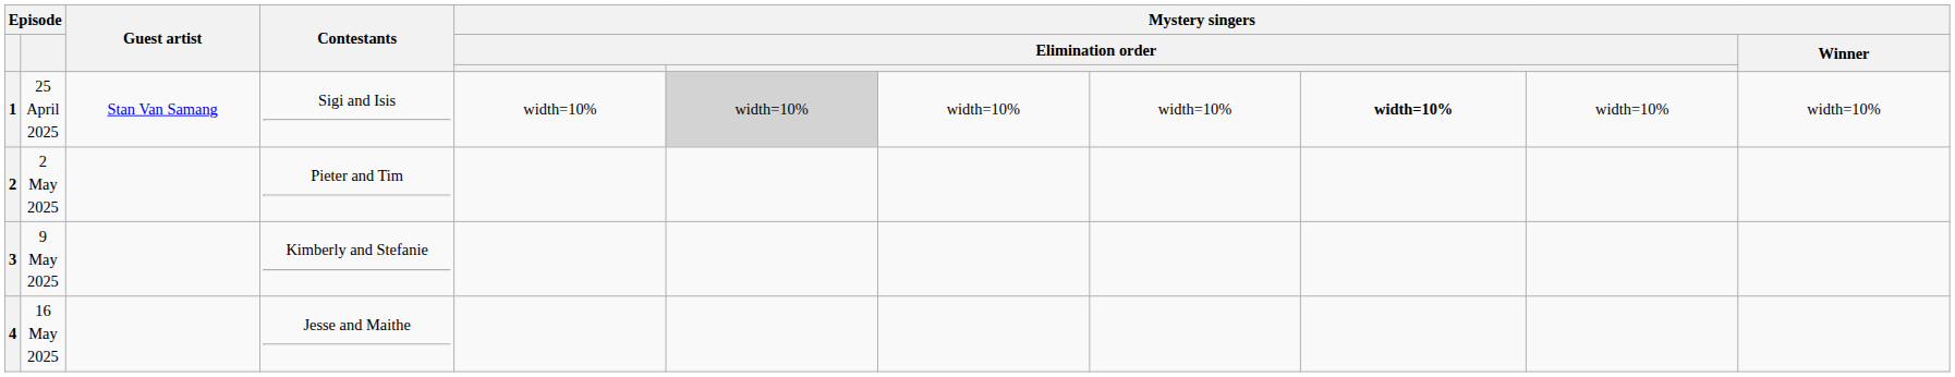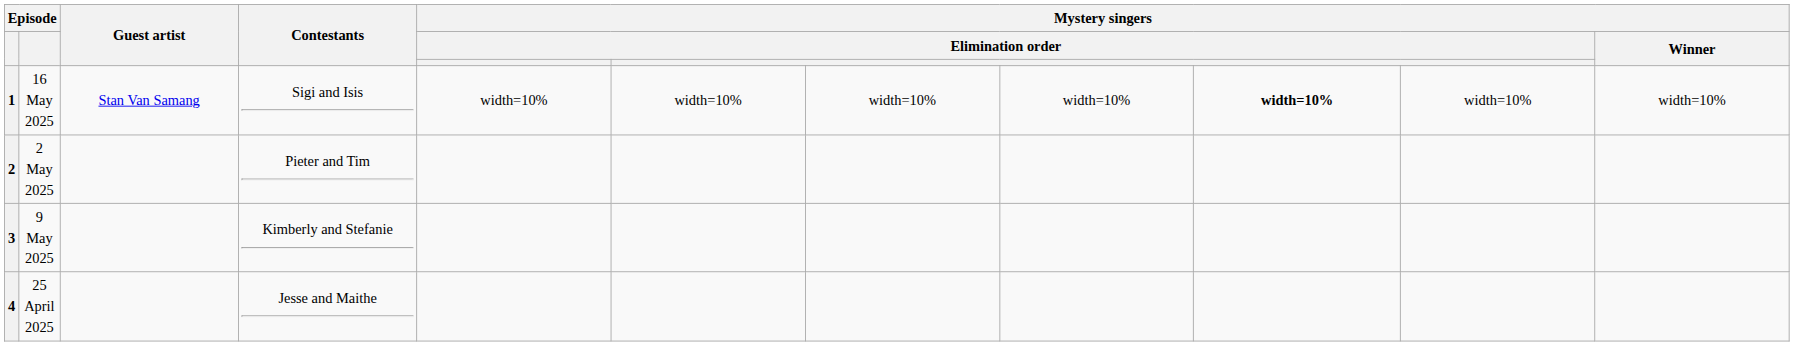 <table class="wikitable plainrowheaders mw-collapsible" style="text-align:center; line-height:23px; width:100%;">
 <tr>
 <th colspan="2" width="1%">Episode</th>
 <th rowspan="3" width="10%">Guest artist</th>
 <th rowspan="3" width="10%">Contestants</th>
 <th colspan="7">Mystery singers<br></th>
 </tr>
 <tr>
 <th rowspan="2"></th>
 <th rowspan="2"></th>
 <th colspan="6">Elimination order</th>
 <th rowspan="2">Winner</th>
 </tr>
 <tr>
 <th></th>
 <th colspan="5"></th>
 </tr>
 <tr>
 <th>1</th>
-<td>25 April 2025</td>
+<td>16 May 2025</td>
 <td><a href='#'>Stan Van Samang</a></td>
 <td>Sigi and Isis<hr></td>
 <td>width=10% </td>
-<td style="background: lightgrey;">width=10% </td>
+<td>width=10% </td>
 <td>width=10% </td>
 <td>width=10% </td>
 <td><strong>width=10% </strong></td>
 <td>width=10% </td>
 <td>width=10% </td>
 </tr>
 <tr>
 <th>2</th>
 <td>2 May 2025</td>
 <td></td>
 <td>Pieter and Tim<hr></td>
 <td></td>
 <td></td>
 <td></td>
 <td></td>
 <td></td>
 <td></td>
 <td></td>
 </tr>
 <tr>
 <th>3</th>
 <td>9 May 2025</td>
 <td></td>
 <td>Kimberly and Stefanie<hr></td>
 <td></td>
 <td></td>
 <td></td>
 <td></td>
 <td></td>
 <td></td>
 <td></td>
 </tr>
 <tr>
 <th>4</th>
-<td>16 May 2025</td>
+<td>25 April 2025</td>
 <td></td>
 <td>Jesse and Maithe<hr></td>
 <td></td>
 <td></td>
 <td></td>
 <td></td>
 <td></td>
 <td></td>
 <td></td>
 </tr>
 </table>
